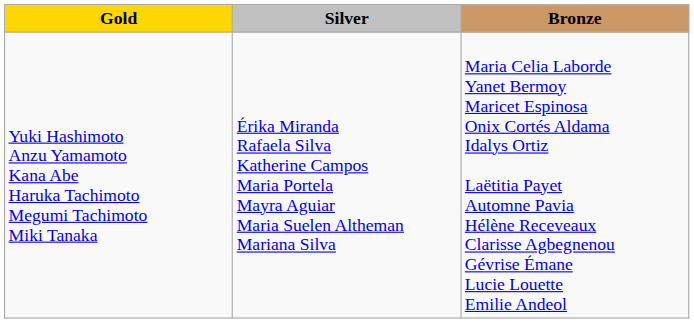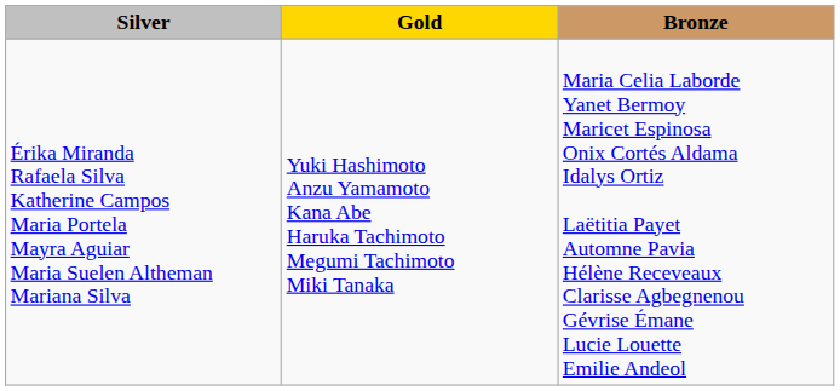 <table class="wikitable" style="text-align:left">
 <tr align="center">
+<td width=200 bgcolor=silver><strong>Silver</strong></td>
 <td width=200 bgcolor=gold><strong>Gold</strong></td>
-<td width=200 bgcolor=silver><strong>Silver</strong></td>
 <td width=200 bgcolor=CC9966><strong>Bronze</strong></td>
 </tr>
 <tr>
+<td><br><a href='#'>Érika Miranda</a><br><a href='#'>Rafaela Silva</a><br><a href='#'>Katherine Campos</a><br><a href='#'>Maria Portela</a><br><a href='#'>Mayra Aguiar</a><br><a href='#'>Maria Suelen Altheman</a><br><a href='#'>Mariana Silva</a></td>
 <td><br><a href='#'>Yuki Hashimoto</a><br><a href='#'>Anzu Yamamoto</a><br><a href='#'>Kana Abe</a><br><a href='#'>Haruka Tachimoto</a><br><a href='#'>Megumi Tachimoto</a><br><a href='#'>Miki Tanaka</a></td>
-<td><br><a href='#'>Érika Miranda</a><br><a href='#'>Rafaela Silva</a><br><a href='#'>Katherine Campos</a><br><a href='#'>Maria Portela</a><br><a href='#'>Mayra Aguiar</a><br><a href='#'>Maria Suelen Altheman</a><br><a href='#'>Mariana Silva</a></td>
 <td><br><a href='#'>Maria Celia Laborde</a><br><a href='#'>Yanet Bermoy</a><br><a href='#'>Maricet Espinosa</a><br><a href='#'>Onix Cortés Aldama</a><br><a href='#'>Idalys Ortiz</a><br><br><a href='#'>Laëtitia Payet</a><br><a href='#'>Automne Pavia</a><br><a href='#'>Hélène Receveaux</a><br><a href='#'>Clarisse Agbegnenou</a><br><a href='#'>Gévrise Émane</a><br><a href='#'>Lucie Louette</a><br><a href='#'>Emilie Andeol</a></td>
 </tr>
 </table>
